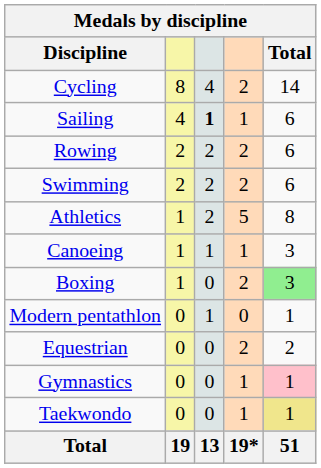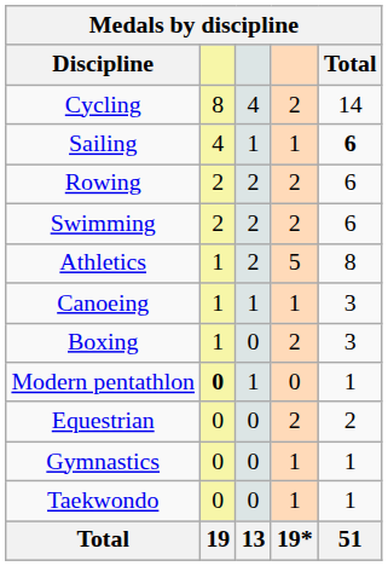 <table class="wikitable" style="font-size:85%; text-align:right">
 <tr bgcolor="#efefef">
 <th colspan=6>Medals by discipline</th>
 </tr>
 <tr style="text-align:center;">
 <th>Discipline</th>
 <td bgcolor=#f7f6a8></td>
 <td bgcolor=#dce5e5></td>
 <td bgcolor=#ffdab9></td>
 <th>Total</th>
 </tr>
 <tr align=center>
 <td><a href='#'>Cycling</a></td>
 <td bgcolor=#f7f6a8>8</td>
 <td bgcolor=#dce5e5>4</td>
 <td bgcolor=#ffdab9>2</td>
 <td>14</td>
 </tr>
 <tr align=center>
 <td><a href='#'>Sailing</a></td>
 <td bgcolor=#f7f6a8>4</td>
-<td bgcolor=#dce5e5><strong>1</strong></td>
+<td bgcolor=#dce5e5>1</td>
 <td bgcolor=#ffdab9>1</td>
-<td>6</td>
+<td><strong>6</strong></td>
 </tr>
 <tr align=center>
 <td><a href='#'>Rowing</a></td>
 <td bgcolor=#f7f6a8>2</td>
 <td bgcolor=#dce5e5>2</td>
 <td bgcolor=#ffdab9>2</td>
 <td>6</td>
 </tr>
 <tr align=center>
 <td><a href='#'>Swimming</a></td>
 <td bgcolor=#f7f6a8>2</td>
 <td bgcolor=#dce5e5>2</td>
 <td bgcolor=#ffdab9>2</td>
 <td>6</td>
 </tr>
 <tr align=center>
 <td><a href='#'>Athletics</a></td>
 <td bgcolor=#f7f6a8>1</td>
 <td bgcolor=#dce5e5>2</td>
 <td bgcolor=#ffdab9>5</td>
 <td>8</td>
 </tr>
 <tr align=center>
 <td><a href='#'>Canoeing</a></td>
 <td bgcolor=#f7f6a8>1</td>
 <td bgcolor=#dce5e5>1</td>
 <td bgcolor=#ffdab9>1</td>
 <td>3</td>
 </tr>
 <tr align=center>
 <td><a href='#'>Boxing</a></td>
 <td bgcolor=#f7f6a8>1</td>
 <td bgcolor=#dce5e5>0</td>
 <td bgcolor=#ffdab9>2</td>
-<td style="background: lightgreen;">3</td>
+<td>3</td>
 </tr>
 <tr align=center>
 <td><a href='#'>Modern pentathlon</a></td>
-<td bgcolor=#f7f6a8>0</td>
+<td bgcolor=#f7f6a8><strong>0</strong></td>
 <td bgcolor=#dce5e5>1</td>
 <td bgcolor=#ffdab9>0</td>
 <td>1</td>
 </tr>
 <tr align=center>
 <td><a href='#'>Equestrian</a></td>
 <td bgcolor=#f7f6a8>0</td>
 <td bgcolor=#dce5e5>0</td>
 <td bgcolor=#ffdab9>2</td>
 <td>2</td>
 </tr>
 <tr align=center>
 <td><a href='#'>Gymnastics</a></td>
 <td bgcolor=#f7f6a8>0</td>
 <td bgcolor=#dce5e5>0</td>
 <td bgcolor=#ffdab9>1</td>
-<td style="background: pink;">1</td>
+<td>1</td>
 </tr>
 <tr align=center>
 <td><a href='#'>Taekwondo</a></td>
 <td bgcolor=#f7f6a8>0</td>
 <td bgcolor=#dce5e5>0</td>
 <td bgcolor=#ffdab9>1</td>
-<td style="background: khaki;">1</td>
+<td>1</td>
 </tr>
 <tr align=center>
 <th>Total</th>
 <th>19</th>
 <th>13</th>
 <th>19*</th>
 <th>51</th>
 </tr>
 </table>
